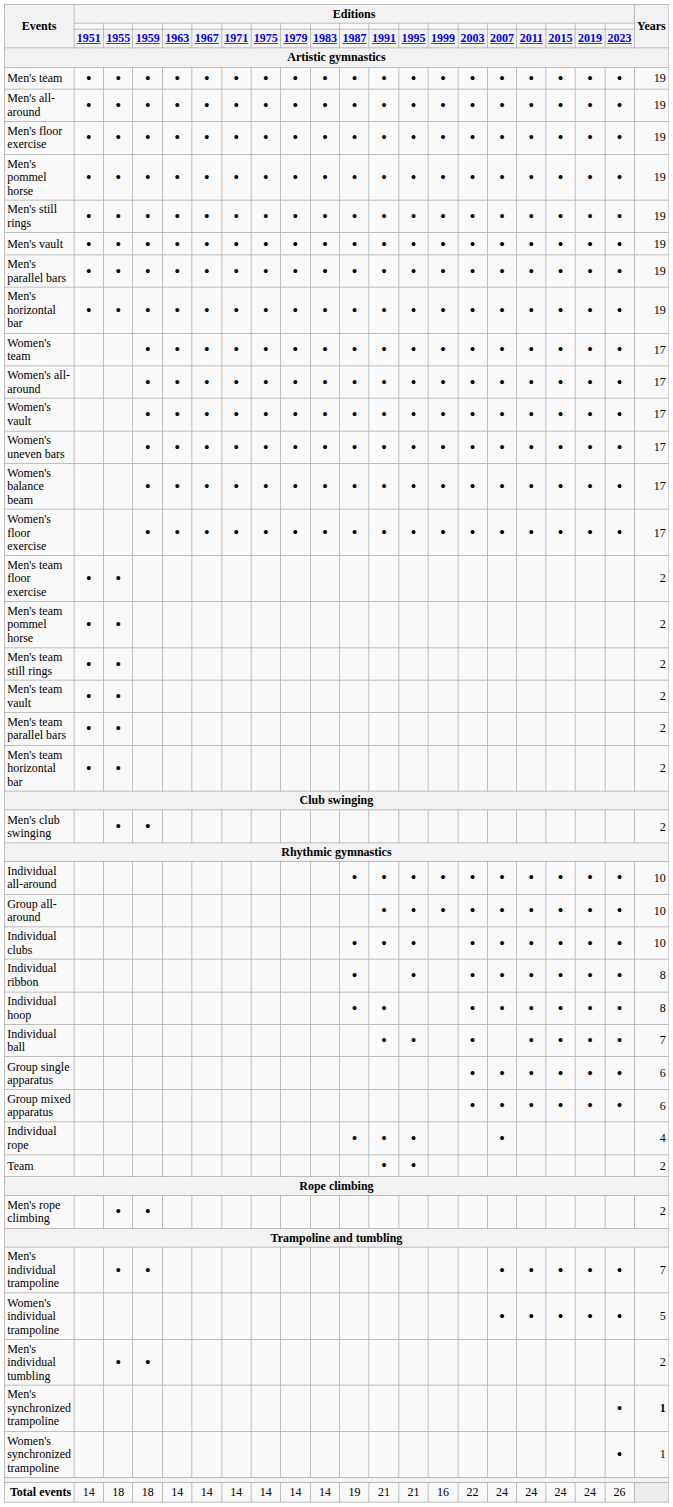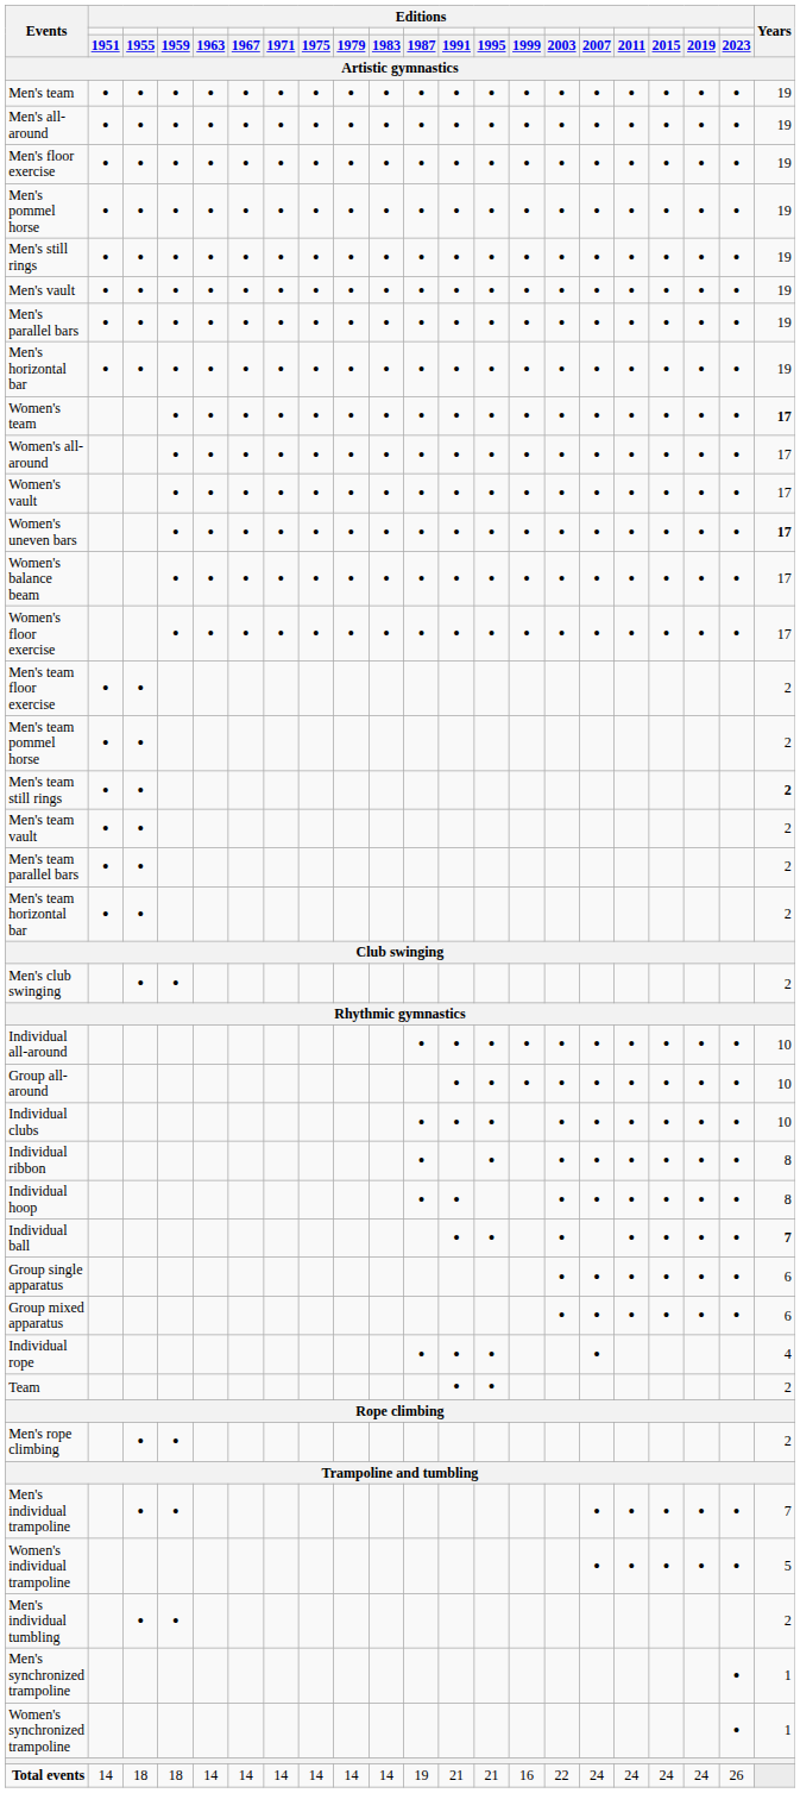 <table class="wikitable" style="border-collapse: collapse; font-size:100%; text-align:center;">
 <tr>
 <th rowspan="3">Events</th>
 <th colspan="19">Editions</th>
 <th rowspan="3">Years</th>
 </tr>
 <tr>
 <td></td>
 <td></td>
 <td></td>
 <td></td>
 <td></td>
 <td></td>
 <td></td>
 <td></td>
 <td></td>
 <td></td>
 <td></td>
 <td></td>
 <td></td>
 <td></td>
 <td></td>
 <td></td>
 <td></td>
 <td></td>
 <td></td>
 </tr>
 <tr>
 <th><a href='#'>1951</a></th>
 <th><a href='#'>1955</a></th>
 <th><a href='#'>1959</a></th>
 <th><a href='#'>1963</a></th>
 <th><a href='#'>1967</a></th>
 <th><a href='#'>1971</a></th>
 <th><a href='#'>1975</a></th>
 <th><a href='#'>1979</a></th>
 <th><a href='#'>1983</a></th>
 <th><a href='#'>1987</a></th>
 <th><a href='#'>1991</a></th>
 <th><a href='#'>1995</a></th>
 <th><a href='#'>1999</a></th>
 <th><a href='#'>2003</a></th>
 <th><a href='#'>2007</a></th>
 <th><a href='#'>2011</a></th>
 <th><a href='#'>2015</a></th>
 <th><a href='#'>2019</a></th>
 <th><a href='#'>2023</a></th>
 </tr>
 <tr>
 <th colspan="31">Artistic gymnastics</th>
 </tr>
 <tr>
 <td align=left>Men's team</td>
 <td><big><strong>•</strong></big></td>
 <td><big><strong>•</strong></big></td>
 <td><big><strong>•</strong></big></td>
 <td><big><strong>•</strong></big></td>
 <td><big><strong>•</strong></big></td>
 <td><big><strong>•</strong></big></td>
 <td><big><strong>•</strong></big></td>
 <td><big><strong>•</strong></big></td>
 <td><big><strong>•</strong></big></td>
 <td><big><strong>•</strong></big></td>
 <td><big><strong>•</strong></big></td>
 <td><big><strong>•</strong></big></td>
 <td><big><strong>•</strong></big></td>
 <td><big><strong>•</strong></big></td>
 <td><big><strong>•</strong></big></td>
 <td><big><strong>•</strong></big></td>
 <td><big><strong>•</strong></big></td>
 <td><big><strong>•</strong></big></td>
 <td><big><strong>•</strong></big></td>
 <td align=right>19</td>
 </tr>
 <tr>
 <td align=left>Men's all-around</td>
 <td><big><strong>•</strong></big></td>
 <td><big><strong>•</strong></big></td>
 <td><big><strong>•</strong></big></td>
 <td><big><strong>•</strong></big></td>
 <td><big><strong>•</strong></big></td>
 <td><big><strong>•</strong></big></td>
 <td><big><strong>•</strong></big></td>
 <td><big><strong>•</strong></big></td>
 <td><big><strong>•</strong></big></td>
 <td><big><strong>•</strong></big></td>
 <td><big><strong>•</strong></big></td>
 <td><big><strong>•</strong></big></td>
 <td><big><strong>•</strong></big></td>
 <td><big><strong>•</strong></big></td>
 <td><big><strong>•</strong></big></td>
 <td><big><strong>•</strong></big></td>
 <td><big><strong>•</strong></big></td>
 <td><big><strong>•</strong></big></td>
 <td><big><strong>•</strong></big></td>
 <td align=right>19</td>
 </tr>
 <tr>
 <td align=left>Men's floor exercise</td>
 <td><big><strong>•</strong></big></td>
 <td><big><strong>•</strong></big></td>
 <td><big><strong>•</strong></big></td>
 <td><big><strong>•</strong></big></td>
 <td><big><strong>•</strong></big></td>
 <td><big><strong>•</strong></big></td>
 <td><big><strong>•</strong></big></td>
 <td><big><strong>•</strong></big></td>
 <td><big><strong>•</strong></big></td>
 <td><big><strong>•</strong></big></td>
 <td><big><strong>•</strong></big></td>
 <td><big><strong>•</strong></big></td>
 <td><big><strong>•</strong></big></td>
 <td><big><strong>•</strong></big></td>
 <td><big><strong>•</strong></big></td>
 <td><big><strong>•</strong></big></td>
 <td><big><strong>•</strong></big></td>
 <td><big><strong>•</strong></big></td>
 <td><big><strong>•</strong></big></td>
 <td align=right>19</td>
 </tr>
 <tr>
 <td align=left>Men's pommel horse</td>
 <td><big><strong>•</strong></big></td>
 <td><big><strong>•</strong></big></td>
 <td><big><strong>•</strong></big></td>
 <td><big><strong>•</strong></big></td>
 <td><big><strong>•</strong></big></td>
 <td><big><strong>•</strong></big></td>
 <td><big><strong>•</strong></big></td>
 <td><big><strong>•</strong></big></td>
 <td><big><strong>•</strong></big></td>
 <td><big><strong>•</strong></big></td>
 <td><big><strong>•</strong></big></td>
 <td><big><strong>•</strong></big></td>
 <td><big><strong>•</strong></big></td>
 <td><big><strong>•</strong></big></td>
 <td><big><strong>•</strong></big></td>
 <td><big><strong>•</strong></big></td>
 <td><big><strong>•</strong></big></td>
 <td><big><strong>•</strong></big></td>
 <td><big><strong>•</strong></big></td>
 <td align=right>19</td>
 </tr>
 <tr>
 <td align=left>Men's still rings</td>
 <td><big><strong>•</strong></big></td>
 <td><big><strong>•</strong></big></td>
 <td><big><strong>•</strong></big></td>
 <td><big><strong>•</strong></big></td>
 <td><big><strong>•</strong></big></td>
 <td><big><strong>•</strong></big></td>
 <td><big><strong>•</strong></big></td>
 <td><big><strong>•</strong></big></td>
 <td><big><strong>•</strong></big></td>
 <td><big><strong>•</strong></big></td>
 <td><big><strong>•</strong></big></td>
 <td><big><strong>•</strong></big></td>
 <td><big><strong>•</strong></big></td>
 <td><big><strong>•</strong></big></td>
 <td><big><strong>•</strong></big></td>
 <td><big><strong>•</strong></big></td>
 <td><big><strong>•</strong></big></td>
 <td><big><strong>•</strong></big></td>
 <td><big><strong>•</strong></big></td>
 <td align=right>19</td>
 </tr>
 <tr>
 <td align=left>Men's vault</td>
 <td><big><strong>•</strong></big></td>
 <td><big><strong>•</strong></big></td>
 <td><big><strong>•</strong></big></td>
 <td><big><strong>•</strong></big></td>
 <td><big><strong>•</strong></big></td>
 <td><big><strong>•</strong></big></td>
 <td><big><strong>•</strong></big></td>
 <td><big><strong>•</strong></big></td>
 <td><big><strong>•</strong></big></td>
 <td><big><strong>•</strong></big></td>
 <td><big><strong>•</strong></big></td>
 <td><big><strong>•</strong></big></td>
 <td><big><strong>•</strong></big></td>
 <td><big><strong>•</strong></big></td>
 <td><big><strong>•</strong></big></td>
 <td><big><strong>•</strong></big></td>
 <td><big><strong>•</strong></big></td>
 <td><big><strong>•</strong></big></td>
 <td><big><strong>•</strong></big></td>
 <td align=right>19</td>
 </tr>
 <tr>
 <td align=left>Men's parallel bars</td>
 <td><big><strong>•</strong></big></td>
 <td><big><strong>•</strong></big></td>
 <td><big><strong>•</strong></big></td>
 <td><big><strong>•</strong></big></td>
 <td><big><strong>•</strong></big></td>
 <td><big><strong>•</strong></big></td>
 <td><big><strong>•</strong></big></td>
 <td><big><strong>•</strong></big></td>
 <td><big><strong>•</strong></big></td>
 <td><big><strong>•</strong></big></td>
 <td><big><strong>•</strong></big></td>
 <td><big><strong>•</strong></big></td>
 <td><big><strong>•</strong></big></td>
 <td><big><strong>•</strong></big></td>
 <td><big><strong>•</strong></big></td>
 <td><big><strong>•</strong></big></td>
 <td><big><strong>•</strong></big></td>
 <td><big><strong>•</strong></big></td>
 <td><big><strong>•</strong></big></td>
 <td align=right>19</td>
 </tr>
 <tr>
 <td align=left>Men's horizontal bar</td>
 <td><big><strong>•</strong></big></td>
 <td><big><strong>•</strong></big></td>
 <td><big><strong>•</strong></big></td>
 <td><big><strong>•</strong></big></td>
 <td><big><strong>•</strong></big></td>
 <td><big><strong>•</strong></big></td>
 <td><big><strong>•</strong></big></td>
 <td><big><strong>•</strong></big></td>
 <td><big><strong>•</strong></big></td>
 <td><big><strong>•</strong></big></td>
 <td><big><strong>•</strong></big></td>
 <td><big><strong>•</strong></big></td>
 <td><big><strong>•</strong></big></td>
 <td><big><strong>•</strong></big></td>
 <td><big><strong>•</strong></big></td>
 <td><big><strong>•</strong></big></td>
 <td><big><strong>•</strong></big></td>
 <td><big><strong>•</strong></big></td>
 <td><big><strong>•</strong></big></td>
 <td align=right>19</td>
 </tr>
 <tr>
 <td align=left>Women's team</td>
 <td></td>
 <td></td>
 <td><big><strong>•</strong></big></td>
 <td><big><strong>•</strong></big></td>
 <td><big><strong>•</strong></big></td>
 <td><big><strong>•</strong></big></td>
 <td><big><strong>•</strong></big></td>
 <td><big><strong>•</strong></big></td>
 <td><big><strong>•</strong></big></td>
 <td><big><strong>•</strong></big></td>
 <td><big><strong>•</strong></big></td>
 <td><big><strong>•</strong></big></td>
 <td><big><strong>•</strong></big></td>
 <td><big><strong>•</strong></big></td>
 <td><big><strong>•</strong></big></td>
 <td><big><strong>•</strong></big></td>
 <td><big><strong>•</strong></big></td>
 <td><big><strong>•</strong></big></td>
 <td><big><strong>•</strong></big></td>
-<td align=right>17</td>
+<td align=right><strong>17</strong></td>
 </tr>
 <tr>
 <td align=left>Women's all-around</td>
 <td></td>
 <td></td>
 <td><big><strong>•</strong></big></td>
 <td><big><strong>•</strong></big></td>
 <td><big><strong>•</strong></big></td>
 <td><big><strong>•</strong></big></td>
 <td><big><strong>•</strong></big></td>
 <td><big><strong>•</strong></big></td>
 <td><big><strong>•</strong></big></td>
 <td><big><strong>•</strong></big></td>
 <td><big><strong>•</strong></big></td>
 <td><big><strong>•</strong></big></td>
 <td><big><strong>•</strong></big></td>
 <td><big><strong>•</strong></big></td>
 <td><big><strong>•</strong></big></td>
 <td><big><strong>•</strong></big></td>
 <td><big><strong>•</strong></big></td>
 <td><big><strong>•</strong></big></td>
 <td><big><strong>•</strong></big></td>
 <td align=right>17</td>
 </tr>
 <tr>
 <td align=left>Women's vault</td>
 <td></td>
 <td></td>
 <td><big><strong>•</strong></big></td>
 <td><big><strong>•</strong></big></td>
 <td><big><strong>•</strong></big></td>
 <td><big><strong>•</strong></big></td>
 <td><big><strong>•</strong></big></td>
 <td><big><strong>•</strong></big></td>
 <td><big><strong>•</strong></big></td>
 <td><big><strong>•</strong></big></td>
 <td><big><strong>•</strong></big></td>
 <td><big><strong>•</strong></big></td>
 <td><big><strong>•</strong></big></td>
 <td><big><strong>•</strong></big></td>
 <td><big><strong>•</strong></big></td>
 <td><big><strong>•</strong></big></td>
 <td><big><strong>•</strong></big></td>
 <td><big><strong>•</strong></big></td>
 <td><big><strong>•</strong></big></td>
 <td align=right>17</td>
 </tr>
 <tr>
 <td align=left>Women's uneven bars</td>
 <td></td>
 <td></td>
 <td><big><strong>•</strong></big></td>
 <td><big><strong>•</strong></big></td>
 <td><big><strong>•</strong></big></td>
 <td><big><strong>•</strong></big></td>
 <td><big><strong>•</strong></big></td>
 <td><big><strong>•</strong></big></td>
 <td><big><strong>•</strong></big></td>
 <td><big><strong>•</strong></big></td>
 <td><big><strong>•</strong></big></td>
 <td><big><strong>•</strong></big></td>
 <td><big><strong>•</strong></big></td>
 <td><big><strong>•</strong></big></td>
 <td><big><strong>•</strong></big></td>
 <td><big><strong>•</strong></big></td>
 <td><big><strong>•</strong></big></td>
 <td><big><strong>•</strong></big></td>
 <td><big><strong>•</strong></big></td>
-<td align=right>17</td>
+<td align=right><strong>17</strong></td>
 </tr>
 <tr>
 <td align=left>Women's balance beam</td>
 <td></td>
 <td></td>
 <td><big><strong>•</strong></big></td>
 <td><big><strong>•</strong></big></td>
 <td><big><strong>•</strong></big></td>
 <td><big><strong>•</strong></big></td>
 <td><big><strong>•</strong></big></td>
 <td><big><strong>•</strong></big></td>
 <td><big><strong>•</strong></big></td>
 <td><big><strong>•</strong></big></td>
 <td><big><strong>•</strong></big></td>
 <td><big><strong>•</strong></big></td>
 <td><big><strong>•</strong></big></td>
 <td><big><strong>•</strong></big></td>
 <td><big><strong>•</strong></big></td>
 <td><big><strong>•</strong></big></td>
 <td><big><strong>•</strong></big></td>
 <td><big><strong>•</strong></big></td>
 <td><big><strong>•</strong></big></td>
 <td align=right>17</td>
 </tr>
 <tr>
 <td align=left>Women's floor exercise</td>
 <td></td>
 <td></td>
 <td><big><strong>•</strong></big></td>
 <td><big><strong>•</strong></big></td>
 <td><big><strong>•</strong></big></td>
 <td><big><strong>•</strong></big></td>
 <td><big><strong>•</strong></big></td>
 <td><big><strong>•</strong></big></td>
 <td><big><strong>•</strong></big></td>
 <td><big><strong>•</strong></big></td>
 <td><big><strong>•</strong></big></td>
 <td><big><strong>•</strong></big></td>
 <td><big><strong>•</strong></big></td>
 <td><big><strong>•</strong></big></td>
 <td><big><strong>•</strong></big></td>
 <td><big><strong>•</strong></big></td>
 <td><big><strong>•</strong></big></td>
 <td><big><strong>•</strong></big></td>
 <td><big><strong>•</strong></big></td>
 <td align=right>17</td>
 </tr>
 <tr>
 <td align=left>Men's team floor exercise</td>
 <td><big><strong>•</strong></big></td>
 <td><big><strong>•</strong></big></td>
 <td></td>
 <td></td>
 <td></td>
 <td></td>
 <td></td>
 <td></td>
 <td></td>
 <td></td>
 <td></td>
 <td></td>
 <td></td>
 <td></td>
 <td></td>
 <td></td>
 <td></td>
 <td></td>
 <td></td>
 <td align=right>2</td>
 </tr>
 <tr>
 <td align=left>Men's team pommel horse</td>
 <td><big><strong>•</strong></big></td>
 <td><big><strong>•</strong></big></td>
 <td></td>
 <td></td>
 <td></td>
 <td></td>
 <td></td>
 <td></td>
 <td></td>
 <td></td>
 <td></td>
 <td></td>
 <td></td>
 <td></td>
 <td></td>
 <td></td>
 <td></td>
 <td></td>
 <td></td>
 <td align=right>2</td>
 </tr>
 <tr>
 <td align=left>Men's team still rings</td>
 <td><big><strong>•</strong></big></td>
 <td><big><strong>•</strong></big></td>
 <td></td>
 <td></td>
 <td></td>
 <td></td>
 <td></td>
 <td></td>
 <td></td>
 <td></td>
 <td></td>
 <td></td>
 <td></td>
 <td></td>
 <td></td>
 <td></td>
 <td></td>
 <td></td>
 <td></td>
-<td align=right>2</td>
+<td align=right><strong>2</strong></td>
 </tr>
 <tr>
 <td align=left>Men's team vault</td>
 <td><big><strong>•</strong></big></td>
 <td><big><strong>•</strong></big></td>
 <td></td>
 <td></td>
 <td></td>
 <td></td>
 <td></td>
 <td></td>
 <td></td>
 <td></td>
 <td></td>
 <td></td>
 <td></td>
 <td></td>
 <td></td>
 <td></td>
 <td></td>
 <td></td>
 <td></td>
 <td align=right>2</td>
 </tr>
 <tr>
 <td align=left>Men's team parallel bars</td>
 <td><big><strong>•</strong></big></td>
 <td><big><strong>•</strong></big></td>
 <td></td>
 <td></td>
 <td></td>
 <td></td>
 <td></td>
 <td></td>
 <td></td>
 <td></td>
 <td></td>
 <td></td>
 <td></td>
 <td></td>
 <td></td>
 <td></td>
 <td></td>
 <td></td>
 <td></td>
 <td align=right>2</td>
 </tr>
 <tr>
 <td align=left>Men's team horizontal bar</td>
 <td><big><strong>•</strong></big></td>
 <td><big><strong>•</strong></big></td>
 <td></td>
 <td></td>
 <td></td>
 <td></td>
 <td></td>
 <td></td>
 <td></td>
 <td></td>
 <td></td>
 <td></td>
 <td></td>
 <td></td>
 <td></td>
 <td></td>
 <td></td>
 <td></td>
 <td></td>
 <td align=right>2</td>
 </tr>
 <tr>
 <th colspan="31">Club swinging</th>
 </tr>
 <tr>
 <td align=left>Men's club swinging</td>
 <td></td>
 <td><big><strong>•</strong></big></td>
 <td><big><strong>•</strong></big></td>
 <td></td>
 <td></td>
 <td></td>
 <td></td>
 <td></td>
 <td></td>
 <td></td>
 <td></td>
 <td></td>
 <td></td>
 <td></td>
 <td></td>
 <td></td>
 <td></td>
 <td></td>
 <td></td>
 <td align=right>2</td>
 </tr>
 <tr>
 <th colspan="31">Rhythmic gymnastics</th>
 </tr>
 <tr>
 <td align=left>Individual all-around</td>
 <td></td>
 <td></td>
 <td></td>
 <td></td>
 <td></td>
 <td></td>
 <td></td>
 <td></td>
 <td></td>
 <td><big><strong>•</strong></big></td>
 <td><big><strong>•</strong></big></td>
 <td><big><strong>•</strong></big></td>
 <td><big><strong>•</strong></big></td>
 <td><big><strong>•</strong></big></td>
 <td><big><strong>•</strong></big></td>
 <td><big><strong>•</strong></big></td>
 <td><big><strong>•</strong></big></td>
 <td><big><strong>•</strong></big></td>
 <td><big><strong>•</strong></big></td>
 <td align=right>10</td>
 </tr>
 <tr>
 <td align=left>Group all-around</td>
 <td></td>
 <td></td>
 <td></td>
 <td></td>
 <td></td>
 <td></td>
 <td></td>
 <td></td>
 <td></td>
 <td></td>
 <td><big><strong>•</strong></big></td>
 <td><big><strong>•</strong></big></td>
 <td><big><strong>•</strong></big></td>
 <td><big><strong>•</strong></big></td>
 <td><big><strong>•</strong></big></td>
 <td><big><strong>•</strong></big></td>
 <td><big><strong>•</strong></big></td>
 <td><big><strong>•</strong></big></td>
 <td><big><strong>•</strong></big></td>
 <td align=right>10</td>
 </tr>
 <tr>
 <td align=left>Individual clubs</td>
 <td></td>
 <td></td>
 <td></td>
 <td></td>
 <td></td>
 <td></td>
 <td></td>
 <td></td>
 <td></td>
 <td><big><strong>•</strong></big></td>
 <td><big><strong>•</strong></big></td>
 <td><big><strong>•</strong></big></td>
 <td></td>
 <td><big><strong>•</strong></big></td>
 <td><big><strong>•</strong></big></td>
 <td><big><strong>•</strong></big></td>
 <td><big><strong>•</strong></big></td>
 <td><big><strong>•</strong></big></td>
 <td><big><strong>•</strong></big></td>
 <td align=right>10</td>
 </tr>
 <tr>
 <td align=left>Individual ribbon</td>
 <td></td>
 <td></td>
 <td></td>
 <td></td>
 <td></td>
 <td></td>
 <td></td>
 <td></td>
 <td></td>
 <td><big><strong>•</strong></big></td>
 <td></td>
 <td><big><strong>•</strong></big></td>
 <td></td>
 <td><big><strong>•</strong></big></td>
 <td><big><strong>•</strong></big></td>
 <td><big><strong>•</strong></big></td>
 <td><big><strong>•</strong></big></td>
 <td><big><strong>•</strong></big></td>
 <td><big><strong>•</strong></big></td>
 <td align=right>8</td>
 </tr>
 <tr>
 <td align=left>Individual hoop</td>
 <td></td>
 <td></td>
 <td></td>
 <td></td>
 <td></td>
 <td></td>
 <td></td>
 <td></td>
 <td></td>
 <td><big><strong>•</strong></big></td>
 <td><big><strong>•</strong></big></td>
 <td></td>
 <td></td>
 <td><big><strong>•</strong></big></td>
 <td><big><strong>•</strong></big></td>
 <td><big><strong>•</strong></big></td>
 <td><big><strong>•</strong></big></td>
 <td><big><strong>•</strong></big></td>
 <td><big><strong>•</strong></big></td>
 <td align=right>8</td>
 </tr>
 <tr>
 <td align=left>Individual ball</td>
 <td></td>
 <td></td>
 <td></td>
 <td></td>
 <td></td>
 <td></td>
 <td></td>
 <td></td>
 <td></td>
 <td></td>
 <td><big><strong>•</strong></big></td>
 <td><big><strong>•</strong></big></td>
 <td></td>
 <td><big><strong>•</strong></big></td>
 <td></td>
 <td><big><strong>•</strong></big></td>
 <td><big><strong>•</strong></big></td>
 <td><big><strong>•</strong></big></td>
 <td><big><strong>•</strong></big></td>
-<td align=right>7</td>
+<td align=right><strong>7</strong></td>
 </tr>
 <tr>
 <td align=left>Group single apparatus</td>
 <td></td>
 <td></td>
 <td></td>
 <td></td>
 <td></td>
 <td></td>
 <td></td>
 <td></td>
 <td></td>
 <td></td>
 <td></td>
 <td></td>
 <td></td>
 <td><big><strong>•</strong></big></td>
 <td><big><strong>•</strong></big></td>
 <td><big><strong>•</strong></big></td>
 <td><big><strong>•</strong></big></td>
 <td><big><strong>•</strong></big></td>
 <td><big><strong>•</strong></big></td>
 <td align=right>6</td>
 </tr>
 <tr>
 <td align=left>Group mixed apparatus</td>
 <td></td>
 <td></td>
 <td></td>
 <td></td>
 <td></td>
 <td></td>
 <td></td>
 <td></td>
 <td></td>
 <td></td>
 <td></td>
 <td></td>
 <td></td>
 <td><big><strong>•</strong></big></td>
 <td><big><strong>•</strong></big></td>
 <td><big><strong>•</strong></big></td>
 <td><big><strong>•</strong></big></td>
 <td><big><strong>•</strong></big></td>
 <td><big><strong>•</strong></big></td>
 <td align=right>6</td>
 </tr>
 <tr>
 <td align=left>Individual rope</td>
 <td></td>
 <td></td>
 <td></td>
 <td></td>
 <td></td>
 <td></td>
 <td></td>
 <td></td>
 <td></td>
 <td><big><strong>•</strong></big></td>
 <td><big><strong>•</strong></big></td>
 <td><big><strong>•</strong></big></td>
 <td></td>
 <td></td>
 <td><big><strong>•</strong></big></td>
 <td></td>
 <td></td>
 <td></td>
 <td></td>
 <td align=right>4</td>
 </tr>
 <tr>
 <td align=left>Team</td>
 <td></td>
 <td></td>
 <td></td>
 <td></td>
 <td></td>
 <td></td>
 <td></td>
 <td></td>
 <td></td>
 <td></td>
 <td><big><strong>•</strong></big></td>
 <td><big><strong>•</strong></big></td>
 <td></td>
 <td></td>
 <td></td>
 <td></td>
 <td></td>
 <td></td>
 <td></td>
 <td align=right>2</td>
 </tr>
 <tr>
 <th colspan="30">Rope climbing</th>
 </tr>
 <tr>
 <td align=left>Men's rope climbing</td>
 <td></td>
 <td><big><strong>•</strong></big></td>
 <td><big><strong>•</strong></big></td>
 <td></td>
 <td></td>
 <td></td>
 <td></td>
 <td></td>
 <td></td>
 <td></td>
 <td></td>
 <td></td>
 <td></td>
 <td></td>
 <td></td>
 <td></td>
 <td></td>
 <td></td>
 <td></td>
 <td align=right>2</td>
 </tr>
 <tr>
 <th colspan="30">Trampoline and tumbling</th>
 </tr>
 <tr>
 <td align=left>Men's individual trampoline</td>
 <td></td>
 <td><big><strong>•</strong></big></td>
 <td><big><strong>•</strong></big></td>
 <td></td>
 <td></td>
 <td></td>
 <td></td>
 <td></td>
 <td></td>
 <td></td>
 <td></td>
 <td></td>
 <td></td>
 <td></td>
 <td><big><strong>•</strong></big></td>
 <td><big><strong>•</strong></big></td>
 <td><big><strong>•</strong></big></td>
 <td><big><strong>•</strong></big></td>
 <td><big><strong>•</strong></big></td>
 <td align=right>7</td>
 </tr>
 <tr>
 <td align=left>Women's individual trampoline</td>
 <td></td>
 <td></td>
 <td></td>
 <td></td>
 <td></td>
 <td></td>
 <td></td>
 <td></td>
 <td></td>
 <td></td>
 <td></td>
 <td></td>
 <td></td>
 <td></td>
 <td><big><strong>•</strong></big></td>
 <td><big><strong>•</strong></big></td>
 <td><big><strong>•</strong></big></td>
 <td><big><strong>•</strong></big></td>
 <td><big><strong>•</strong></big></td>
 <td align=right>5</td>
 </tr>
 <tr>
 <td align=left>Men's individual tumbling</td>
 <td></td>
 <td><big><strong>•</strong></big></td>
 <td><big><strong>•</strong></big></td>
 <td></td>
 <td></td>
 <td></td>
 <td></td>
 <td></td>
 <td></td>
 <td></td>
 <td></td>
 <td></td>
 <td></td>
 <td></td>
 <td></td>
 <td></td>
 <td></td>
 <td></td>
 <td></td>
 <td align=right>2</td>
 </tr>
 <tr>
 <td align=left>Men's synchronized trampoline</td>
 <td></td>
 <td></td>
 <td></td>
 <td></td>
 <td></td>
 <td></td>
 <td></td>
 <td></td>
 <td></td>
 <td></td>
 <td></td>
 <td></td>
 <td></td>
 <td></td>
 <td></td>
 <td></td>
 <td></td>
 <td></td>
 <td><big><strong>•</strong></big></td>
-<td align=right><strong>1</strong></td>
+<td align=right>1</td>
 </tr>
 <tr>
 <td align=left>Women's synchronized trampoline</td>
 <td></td>
 <td></td>
 <td></td>
 <td></td>
 <td></td>
 <td></td>
 <td></td>
 <td></td>
 <td></td>
 <td></td>
 <td></td>
 <td></td>
 <td></td>
 <td></td>
 <td></td>
 <td></td>
 <td></td>
 <td></td>
 <td><big><strong>•</strong></big></td>
 <td align=right>1</td>
 </tr>
 <tr>
 <th colspan="31"></th>
 </tr>
 <tr>
 <td align=right><strong>Total events</strong></td>
 <td>14</td>
 <td>18</td>
 <td>18</td>
 <td>14</td>
 <td>14</td>
 <td>14</td>
 <td>14</td>
 <td>14</td>
 <td>14</td>
 <td>19</td>
 <td>21</td>
 <td>21</td>
 <td>16</td>
 <td>22</td>
 <td>24</td>
 <td>24</td>
 <td>24</td>
 <td>24</td>
 <td>26</td>
 <td bgcolor=ececec></td>
 </tr>
 </table>
